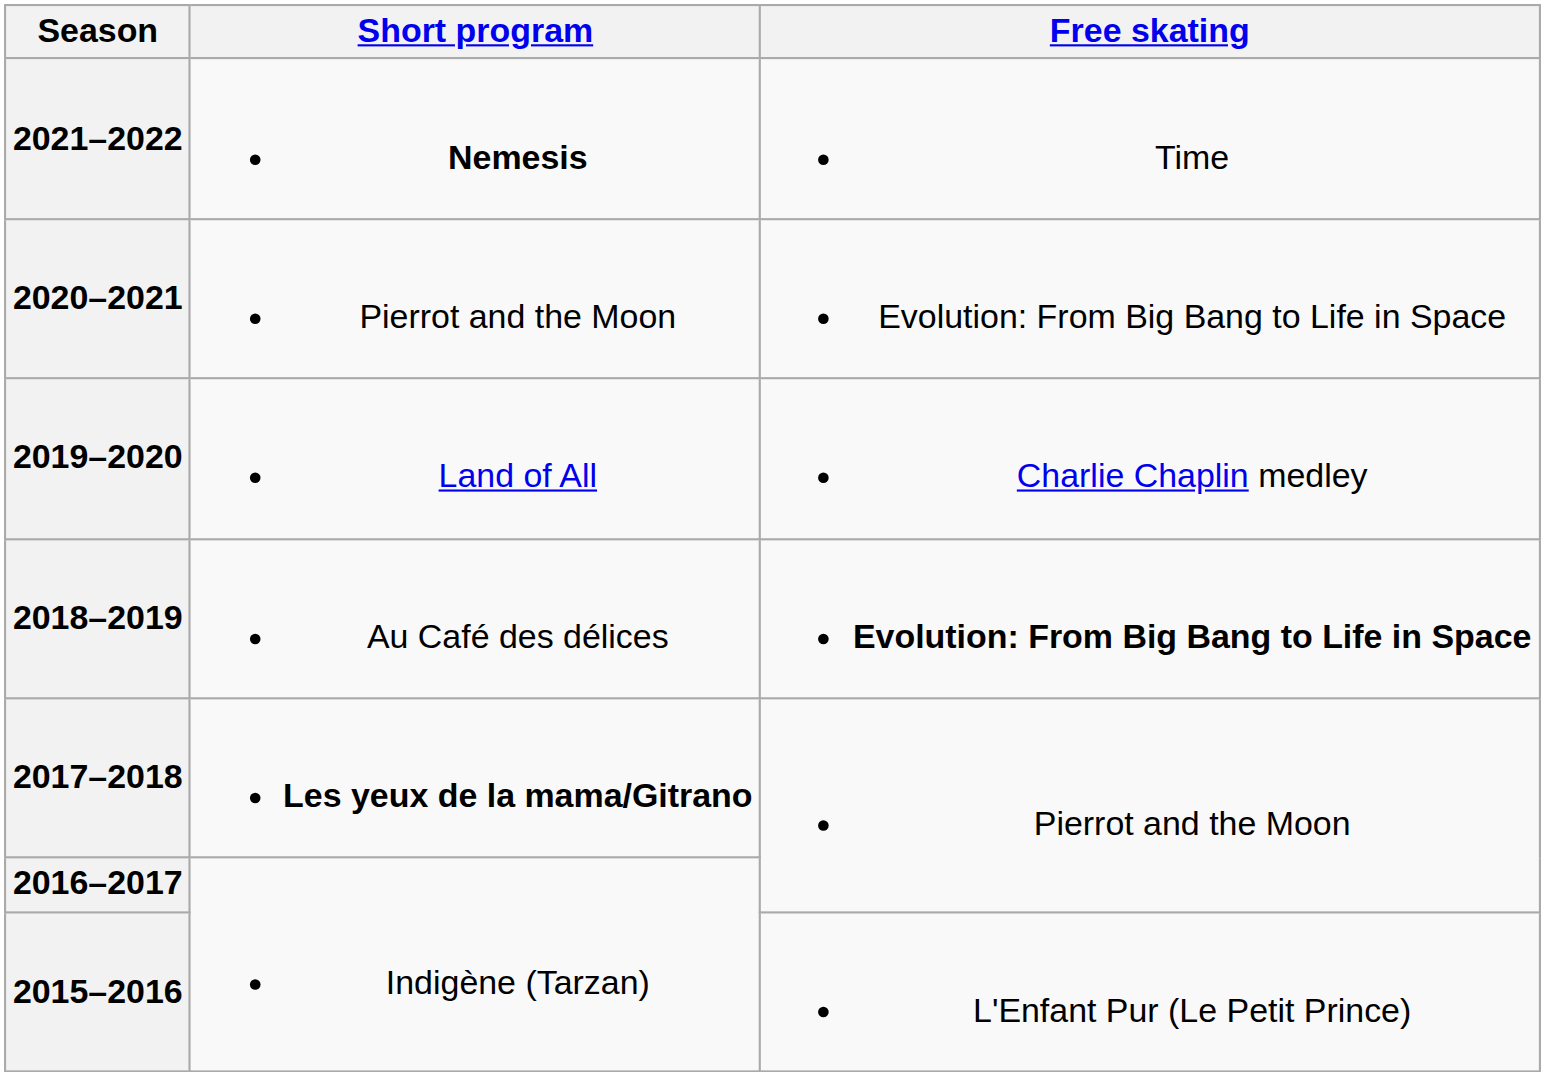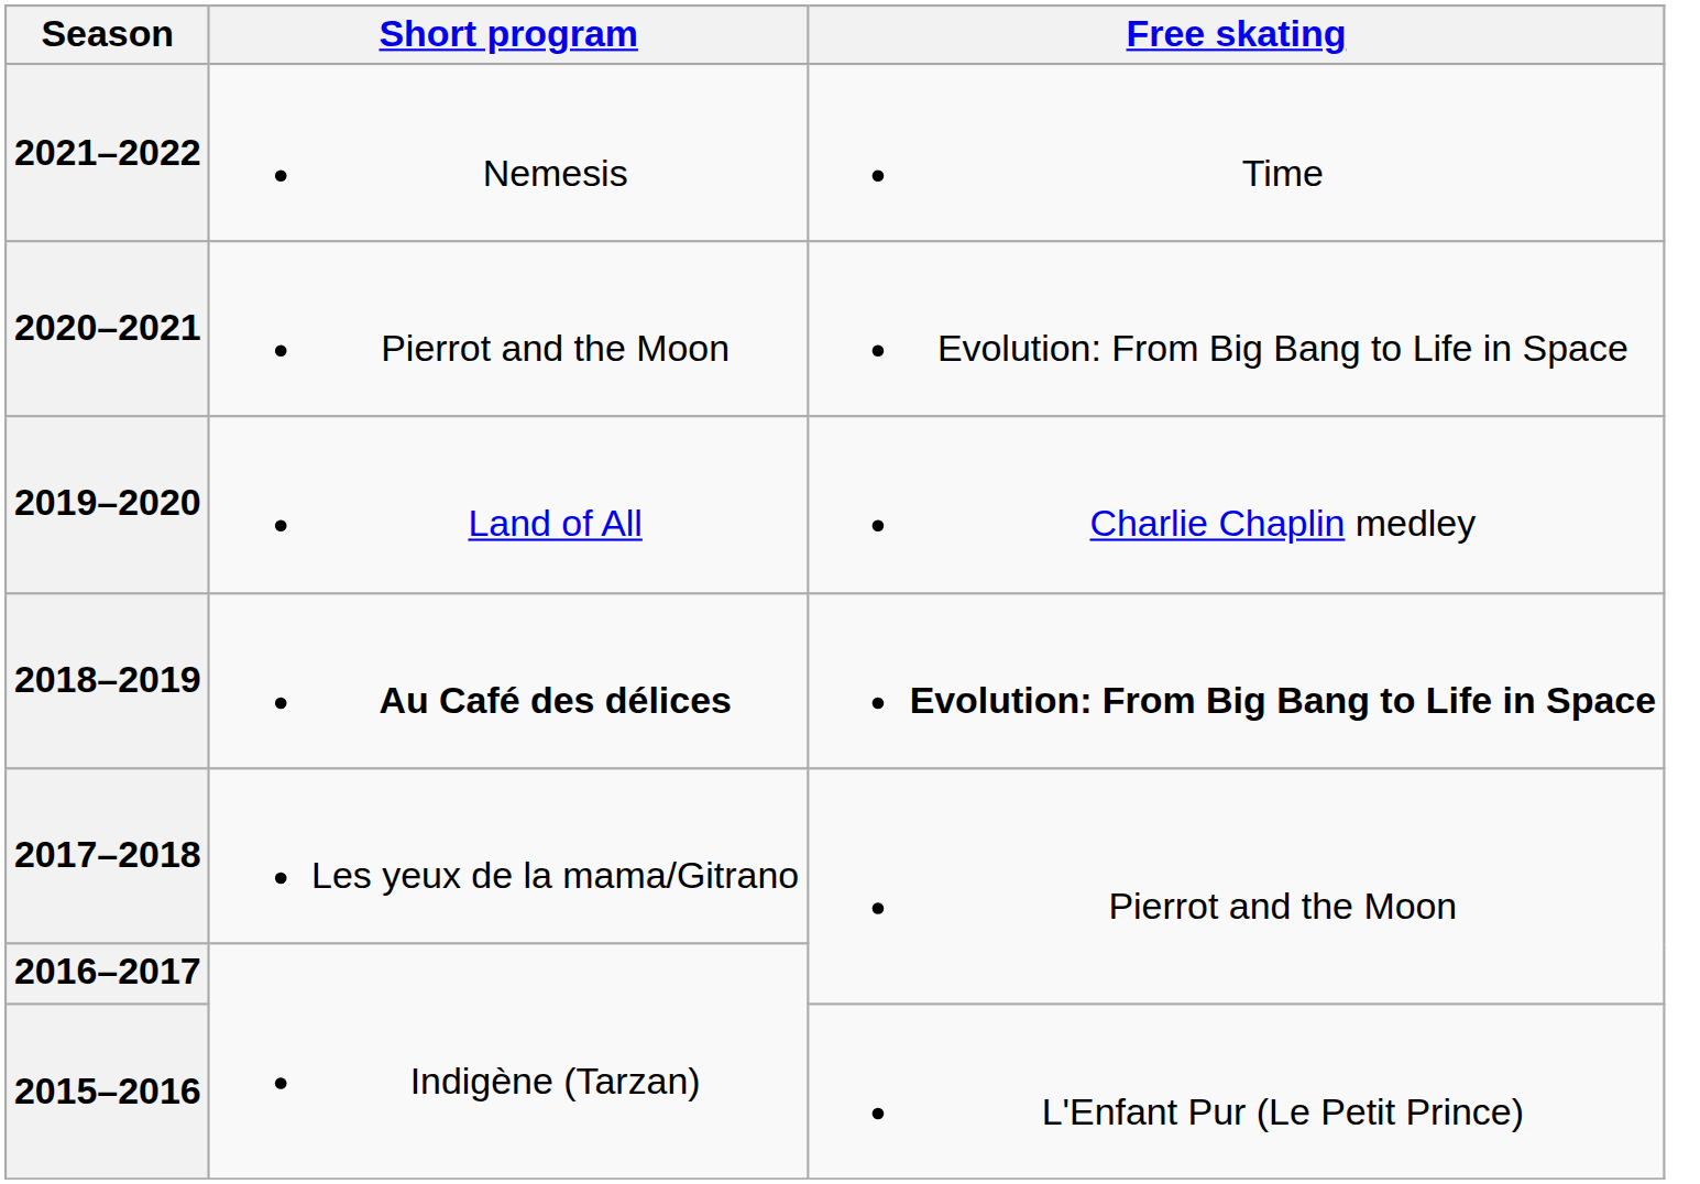 <table class=wikitable style=text-align:center>
 <tr>
 <th>Season</th>
 <th><a href='#'>Short program</a></th>
 <th><a href='#'>Free skating</a></th>
 </tr>
 <tr>
 <th>2021–2022 <br> </th>
-<td><strong><br><ul><li>Nemesis <br></li></ul></strong></td>
+<td><br><ul><li>Nemesis <br></li></ul></td>
 <td><br><ul><li>Time <br></li></ul></td>
 </tr>
 <tr>
 <th>2020–2021 <br> </th>
 <td><br><ul><li>Pierrot and the Moon <br></li></ul></td>
 <td><br><ul><li>Evolution: From Big Bang to Life in Space <br></li></ul></td>
 </tr>
 <tr>
 <th>2019–2020 <br> </th>
 <td><br><ul><li><a href='#'>Land of All</a> <br></li></ul></td>
 <td><br><ul><li><a href='#'>Charlie Chaplin</a> medley <br></li></ul></td>
 </tr>
 <tr>
 <th>2018–2019 <br> </th>
-<td><br><ul><li>Au Café des délices <br></li></ul></td>
+<td><strong><br><ul><li>Au Café des délices <br></li></ul></strong></td>
 <td><strong><br><ul><li>Evolution: From Big Bang to Life in Space <br></li></ul></strong></td>
 </tr>
 <tr>
 <th>2017–2018 <br> </th>
-<td><strong><br><ul><li>Les yeux de la mama/Gitrano <br></li></ul></strong></td>
+<td><br><ul><li>Les yeux de la mama/Gitrano <br></li></ul></td>
 <td rowspan=2><br><ul><li>Pierrot and the Moon <br></li></ul></td>
 </tr>
 <tr>
 <th>2016–2017 <br> </th>
 <td rowspan=2><br><ul><li>Indigène (Tarzan) <br></li></ul></td>
 </tr>
 <tr>
 <th>2015–2016 <br> </th>
 <td><br><ul><li>L'Enfant Pur (Le Petit Prince) <br></li></ul></td>
 </tr>
 </table>
